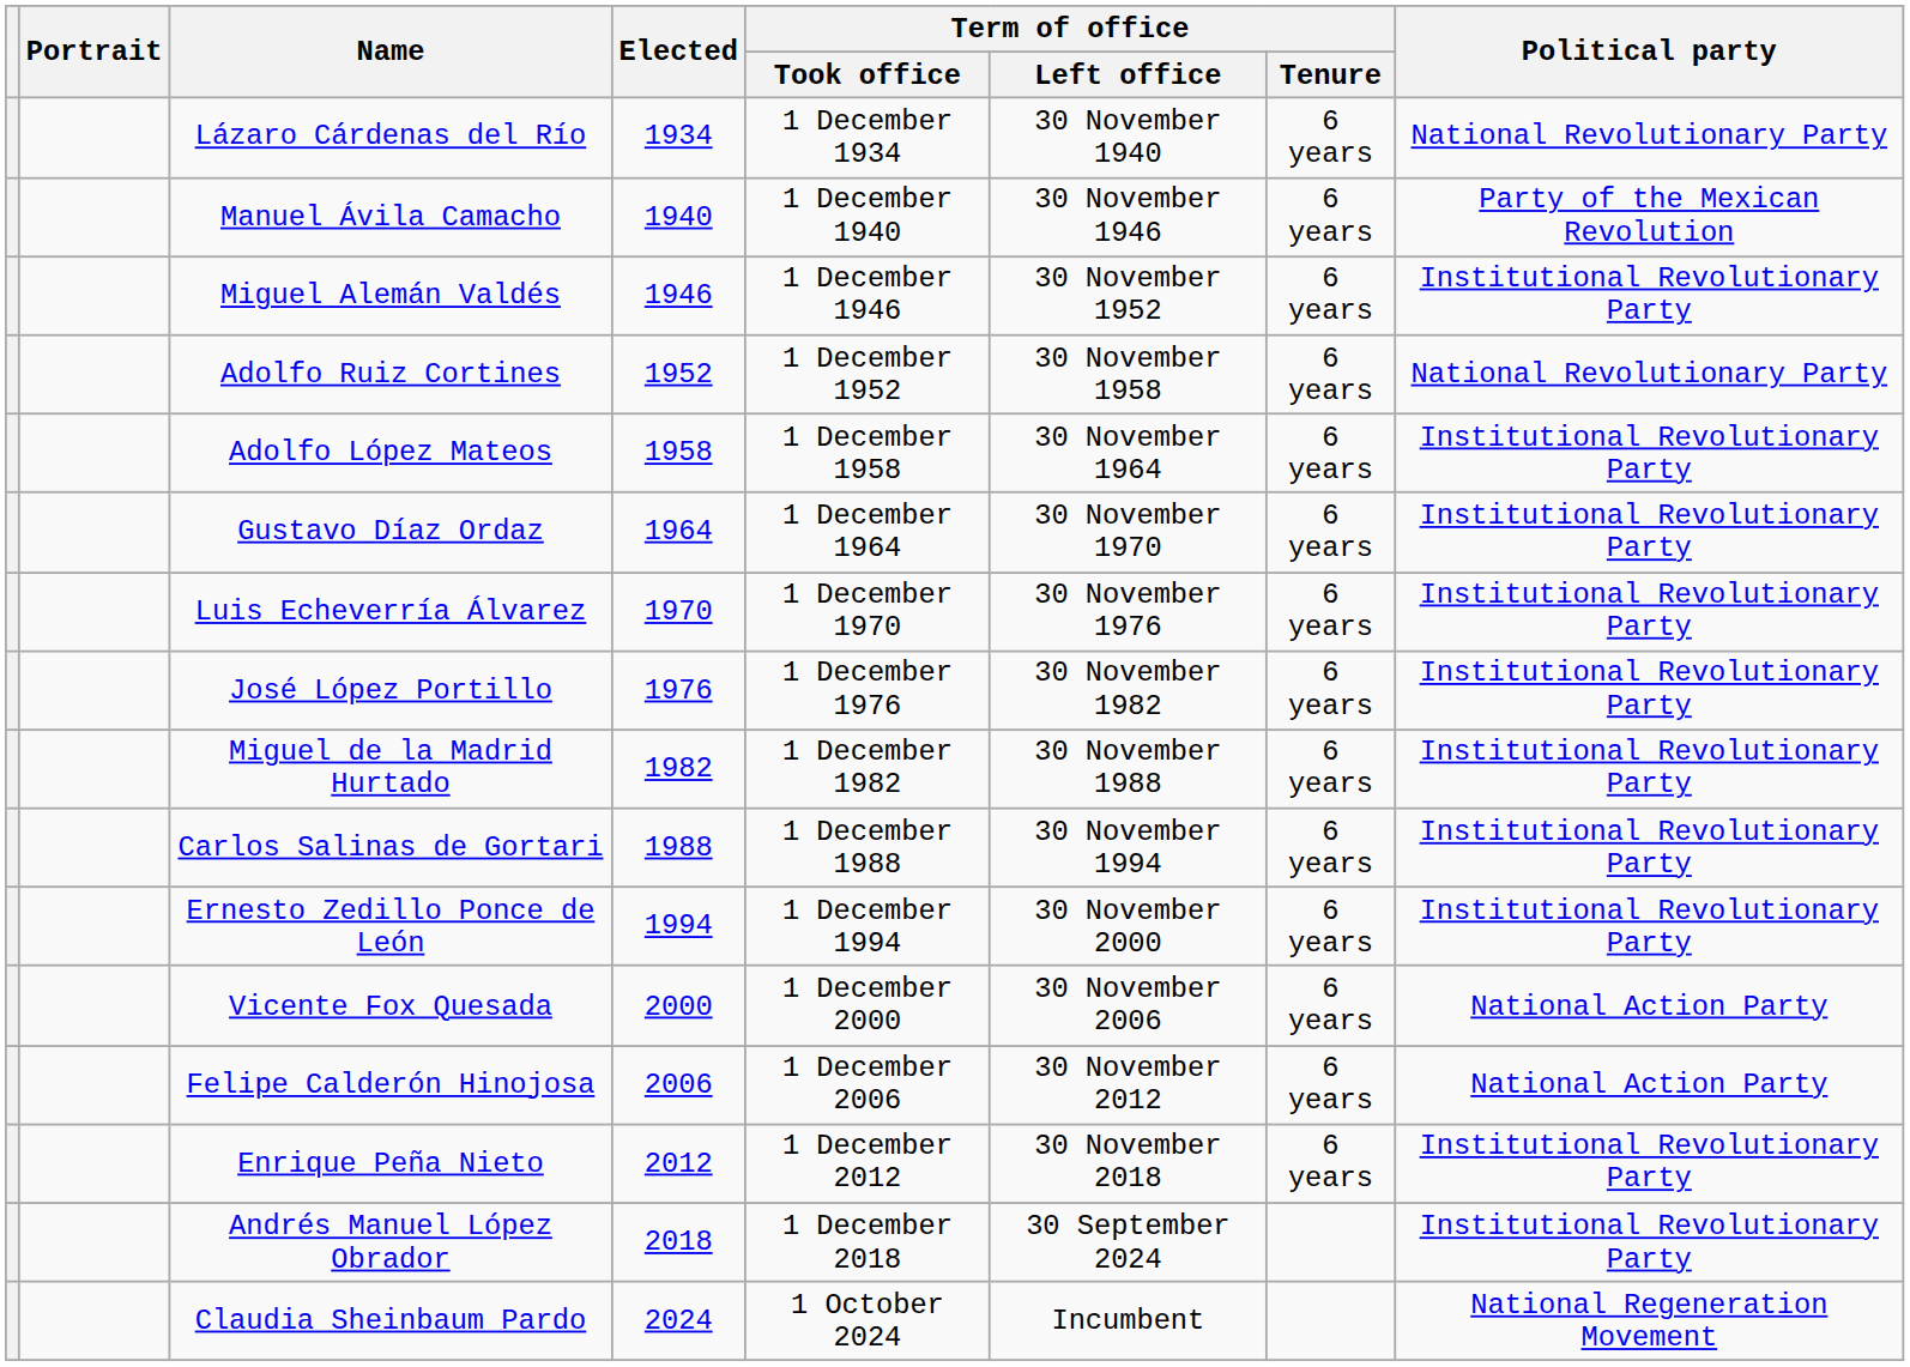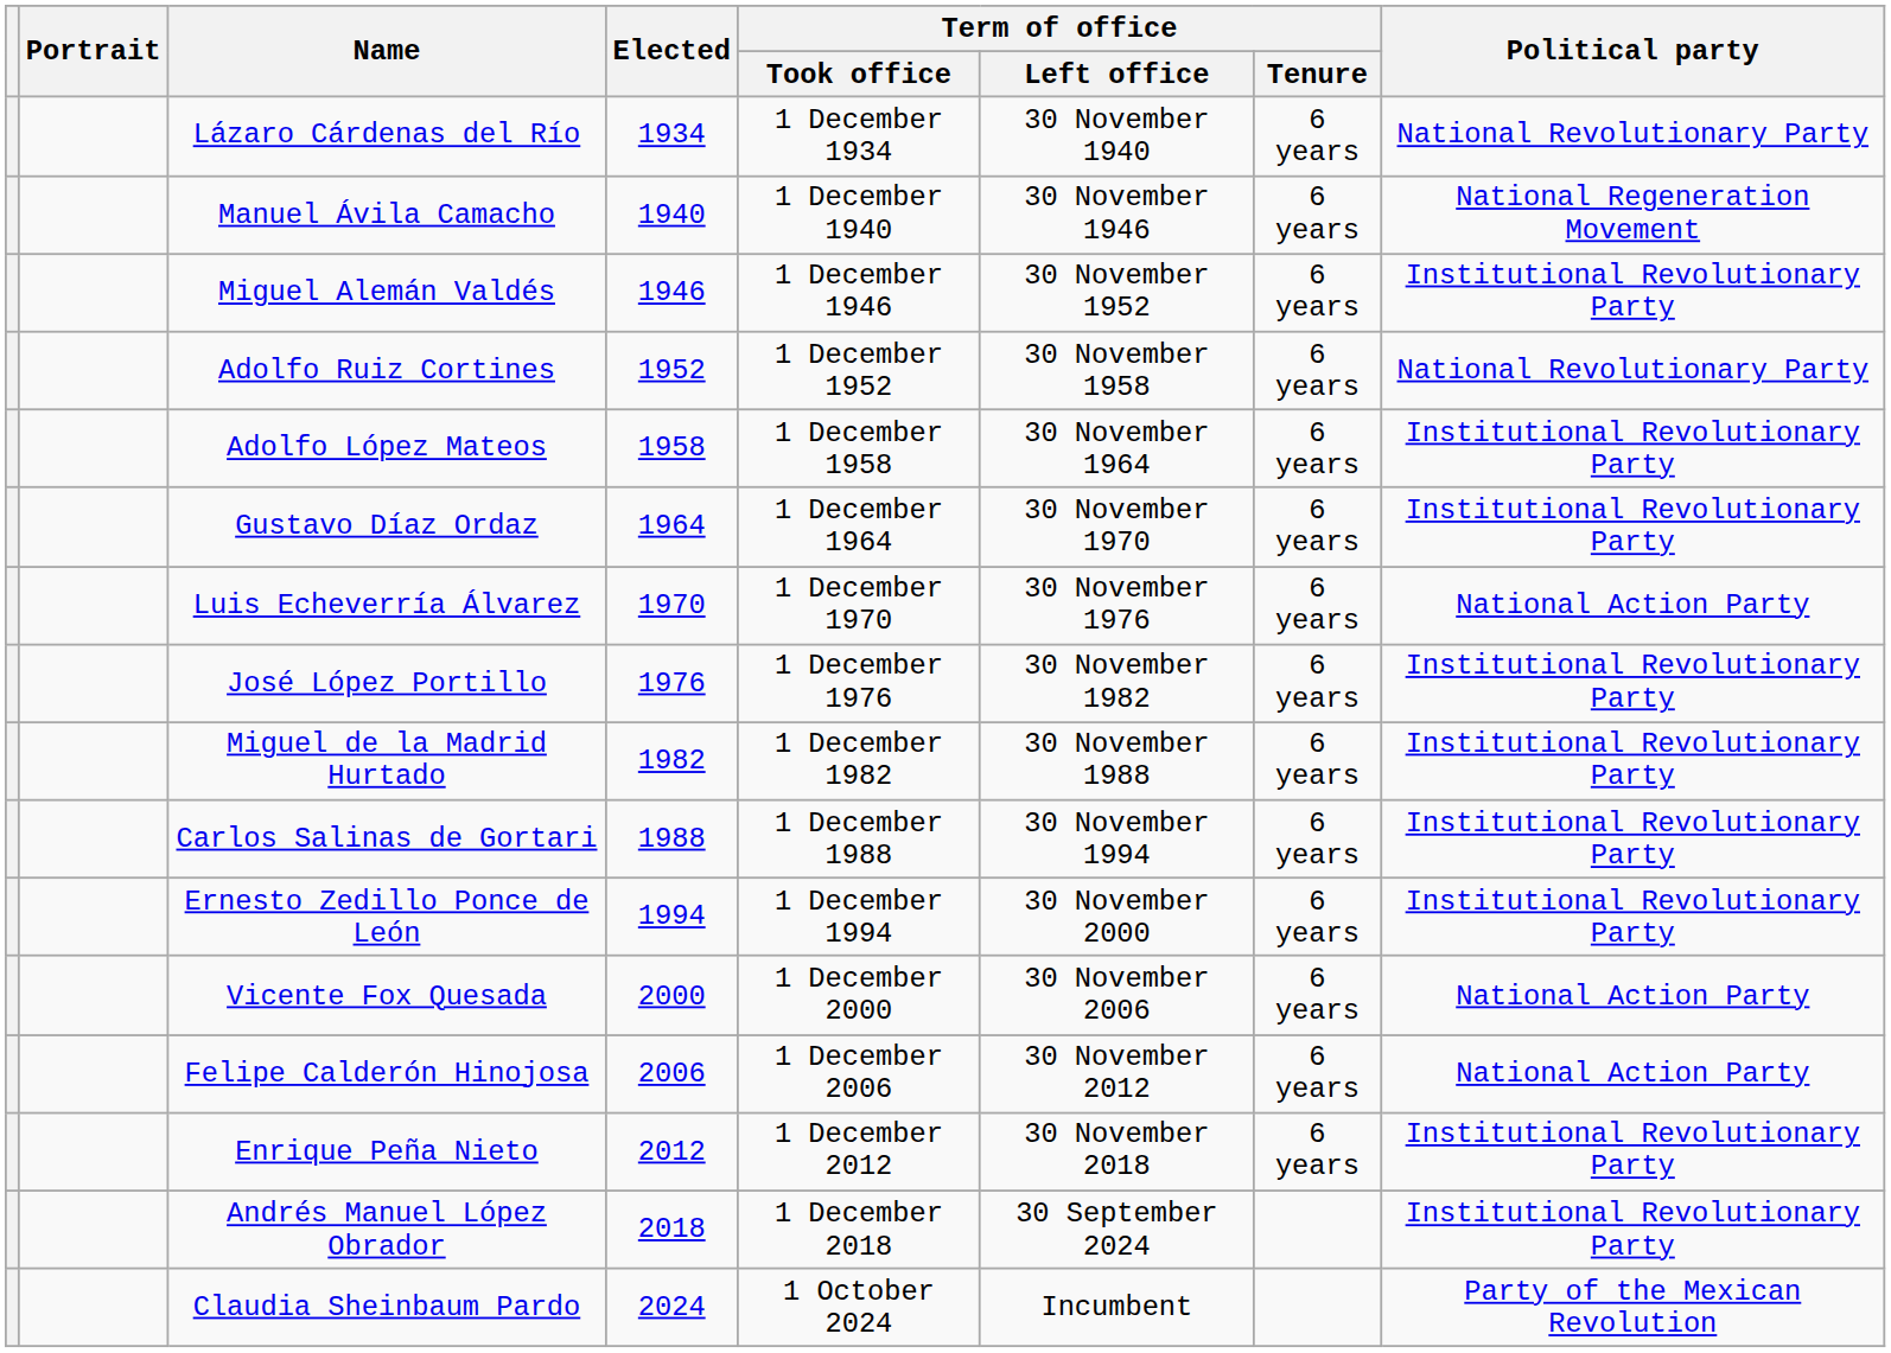 <table class="wikitable" style="text-align:center;">
 <tr>
 <th rowspan="2"></th>
 <th rowspan="2">Portrait</th>
 <th rowspan="2">Name<br></th>
 <th rowspan="2">Elected</th>
 <th colspan="3">Term of office</th>
 <th rowspan="2">Political party</th>
 </tr>
 <tr>
 <th>Took office</th>
 <th>Left office</th>
 <th>Tenure</th>
 </tr>
 <tr>
 <th style="background:"></th>
 <td></td>
 <td><a href='#'>Lázaro Cárdenas del Río</a><br></td>
 <td><a href='#'>1934</a></td>
 <td>1 December 1934</td>
 <td>30 November 1940</td>
 <td>6 years</td>
 <td><a href='#'>National Revolutionary Party</a></td>
 </tr>
 <tr>
 <th style="background:"></th>
 <td></td>
 <td><a href='#'>Manuel Ávila Camacho</a><br></td>
 <td><a href='#'>1940</a></td>
 <td>1 December 1940</td>
 <td>30 November 1946</td>
 <td>6 years</td>
-<td><a href='#'>Party of the Mexican Revolution</a></td>
+<td><a href='#'>National Regeneration Movement</a></td>
 </tr>
 <tr>
 <th style="background:"></th>
 <td></td>
 <td><a href='#'>Miguel Alemán Valdés</a><br></td>
 <td><a href='#'>1946</a></td>
 <td>1 December 1946</td>
 <td>30 November 1952</td>
 <td>6 years</td>
 <td><a href='#'>Institutional Revolutionary Party</a></td>
 </tr>
 <tr>
 <th style="background:"></th>
 <td></td>
 <td><a href='#'>Adolfo Ruiz Cortines</a><br></td>
 <td><a href='#'>1952</a></td>
 <td>1 December 1952</td>
 <td>30 November 1958</td>
 <td>6 years</td>
 <td><a href='#'>National Revolutionary Party</a></td>
 </tr>
 <tr>
 <th style="background:"></th>
 <td></td>
 <td><a href='#'>Adolfo López Mateos</a><br></td>
 <td><a href='#'>1958</a></td>
 <td>1 December 1958</td>
 <td>30 November 1964</td>
 <td>6 years</td>
 <td><a href='#'>Institutional Revolutionary Party</a></td>
 </tr>
 <tr>
 <th style="background:"></th>
 <td></td>
 <td><a href='#'>Gustavo Díaz Ordaz</a><br></td>
 <td><a href='#'>1964</a></td>
 <td>1 December 1964</td>
 <td>30 November 1970</td>
 <td>6 years</td>
 <td><a href='#'>Institutional Revolutionary Party</a></td>
 </tr>
 <tr>
 <th style="background:"></th>
 <td></td>
 <td><a href='#'>Luis Echeverría Álvarez</a><br></td>
 <td><a href='#'>1970</a></td>
 <td>1 December 1970</td>
 <td>30 November 1976</td>
 <td>6 years</td>
-<td><a href='#'>Institutional Revolutionary Party</a></td>
+<td><a href='#'>National Action Party</a></td>
 </tr>
 <tr>
 <th style="background:"></th>
 <td></td>
 <td><a href='#'>José López Portillo</a><br></td>
 <td><a href='#'>1976</a></td>
 <td>1 December 1976</td>
 <td>30 November 1982</td>
 <td>6 years</td>
 <td><a href='#'>Institutional Revolutionary Party</a></td>
 </tr>
 <tr>
 <th style="background:"></th>
 <td></td>
 <td><a href='#'>Miguel de la Madrid Hurtado</a><br></td>
 <td><a href='#'>1982</a></td>
 <td>1 December 1982</td>
 <td>30 November 1988</td>
 <td>6 years</td>
 <td><a href='#'>Institutional Revolutionary Party</a></td>
 </tr>
 <tr>
 <th style="background:"></th>
 <td></td>
 <td><a href='#'>Carlos Salinas de Gortari</a><br></td>
 <td><a href='#'>1988</a></td>
 <td>1 December 1988</td>
 <td>30 November 1994</td>
 <td>6 years</td>
 <td><a href='#'>Institutional Revolutionary Party</a></td>
 </tr>
 <tr>
 <th style="background:"></th>
 <td></td>
 <td><a href='#'>Ernesto Zedillo Ponce de León</a><br></td>
 <td><a href='#'>1994</a></td>
 <td>1 December 1994</td>
 <td>30 November 2000</td>
 <td>6 years</td>
 <td><a href='#'>Institutional Revolutionary Party</a></td>
 </tr>
 <tr>
 <th style="background:"><a href='#'></a></th>
 <td></td>
 <td><a href='#'>Vicente Fox Quesada</a><br></td>
 <td><a href='#'>2000</a></td>
 <td>1 December 2000</td>
 <td>30 November 2006</td>
 <td>6 years</td>
 <td><a href='#'>National Action Party</a></td>
 </tr>
 <tr>
 <th style="background:"></th>
 <td></td>
 <td><a href='#'>Felipe Calderón Hinojosa</a><br></td>
 <td><a href='#'>2006</a></td>
 <td>1 December 2006</td>
 <td>30 November 2012</td>
 <td>6 years</td>
 <td><a href='#'>National Action Party</a></td>
 </tr>
 <tr>
 <th style="background:"></th>
 <td></td>
 <td><a href='#'>Enrique Peña Nieto</a><br></td>
 <td><a href='#'>2012</a></td>
 <td>1 December 2012</td>
 <td>30 November 2018</td>
 <td>6 years</td>
 <td><a href='#'>Institutional Revolutionary Party</a></td>
 </tr>
 <tr>
 <th style="background:"><a href='#'></a></th>
 <td></td>
 <td><a href='#'>Andrés Manuel López Obrador</a><br></td>
 <td><a href='#'>2018</a></td>
 <td>1 December 2018</td>
 <td>30 September 2024</td>
 <td></td>
 <td><a href='#'>Institutional Revolutionary Party</a></td>
 </tr>
 <tr>
 <th style="background:"><a href='#'></a></th>
 <td></td>
 <td><a href='#'>Claudia Sheinbaum Pardo</a><br></td>
 <td><a href='#'>2024</a></td>
 <td>1 October 2024</td>
 <td>Incumbent</td>
 <td></td>
-<td><a href='#'>National Regeneration Movement</a></td>
+<td><a href='#'>Party of the Mexican Revolution</a></td>
 </tr>
 </table>
